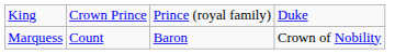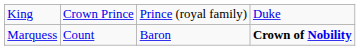 <table class="wikitable">
 <tr>
 <td> <a href='#'>King</a></td>
 <td> <a href='#'>Crown Prince</a></td>
 <td> <a href='#'>Prince</a> (royal family)</td>
 <td> <a href='#'>Duke</a></td>
 </tr>
 <tr>
 <td> <a href='#'>Marquess</a></td>
 <td> <a href='#'>Count</a></td>
 <td> <a href='#'>Baron</a></td>
-<td> Crown of <a href='#'>Nobility</a></td>
+<td><strong> Crown of <a href='#'>Nobility</a></strong></td>
 </tr>
 </table>
